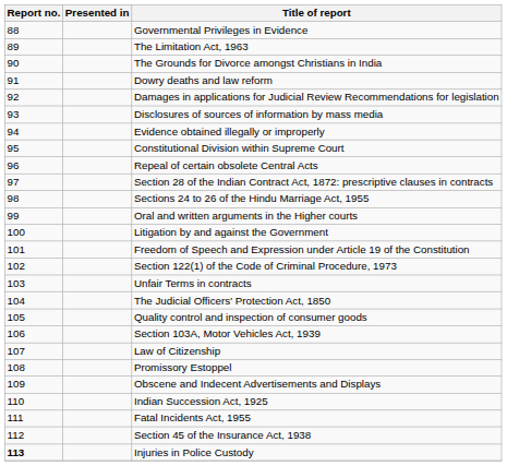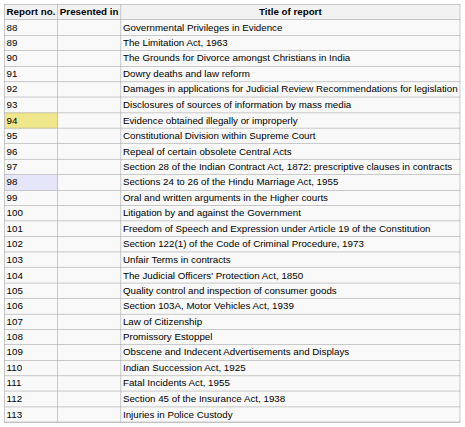 <table class="wikitable">
 <tr>
 <th>Report no.</th>
 <th>Presented in</th>
 <th>Title of report</th>
 </tr>
 <tr>
 <td>88</td>
 <td></td>
 <td>Governmental Privileges in Evidence</td>
 </tr>
 <tr>
 <td>89</td>
 <td></td>
 <td>The Limitation Act, 1963</td>
 </tr>
 <tr>
 <td>90</td>
 <td></td>
 <td>The Grounds for Divorce amongst Christians in India</td>
 </tr>
 <tr>
 <td>91</td>
 <td></td>
 <td>Dowry deaths and law reform</td>
 </tr>
 <tr>
 <td>92</td>
 <td></td>
 <td>Damages in applications for Judicial Review Recommendations for legislation</td>
 </tr>
 <tr>
 <td>93</td>
 <td></td>
 <td>Disclosures of sources of information by mass media</td>
 </tr>
 <tr>
-<td>94</td>
+<td style="background: khaki;">94</td>
 <td></td>
 <td>Evidence obtained illegally or improperly</td>
 </tr>
 <tr>
 <td>95</td>
 <td></td>
 <td>Constitutional Division within Supreme Court</td>
 </tr>
 <tr>
 <td>96</td>
 <td></td>
 <td>Repeal of certain obsolete Central Acts</td>
 </tr>
 <tr>
 <td>97</td>
 <td></td>
 <td>Section 28 of the Indian Contract Act, 1872: prescriptive clauses in contracts</td>
 </tr>
 <tr>
-<td>98</td>
+<td style="background: lavender;">98</td>
 <td></td>
 <td>Sections 24 to 26 of the Hindu Marriage Act, 1955</td>
 </tr>
 <tr>
 <td>99</td>
 <td></td>
 <td>Oral and written arguments in the Higher courts</td>
 </tr>
 <tr>
 <td>100</td>
 <td></td>
 <td>Litigation by and against the Government</td>
 </tr>
 <tr>
 <td>101</td>
 <td></td>
 <td>Freedom of Speech and Expression under Article 19 of the Constitution</td>
 </tr>
 <tr>
 <td>102</td>
 <td></td>
 <td>Section 122(1) of the Code of Criminal Procedure, 1973</td>
 </tr>
 <tr>
 <td>103</td>
 <td></td>
 <td>Unfair Terms in contracts</td>
 </tr>
 <tr>
 <td>104</td>
 <td></td>
 <td>The Judicial Officers' Protection Act, 1850</td>
 </tr>
 <tr>
 <td>105</td>
 <td></td>
 <td>Quality control and inspection of consumer goods</td>
 </tr>
 <tr>
 <td>106</td>
 <td></td>
 <td>Section 103A, Motor Vehicles Act, 1939</td>
 </tr>
 <tr>
 <td>107</td>
 <td></td>
 <td>Law of Citizenship</td>
 </tr>
 <tr>
 <td>108</td>
 <td></td>
 <td>Promissory Estoppel</td>
 </tr>
 <tr>
 <td>109</td>
 <td></td>
 <td>Obscene and Indecent Advertisements and Displays</td>
 </tr>
 <tr>
 <td>110</td>
 <td></td>
 <td>Indian Succession Act, 1925</td>
 </tr>
 <tr>
 <td>111</td>
 <td></td>
 <td>Fatal Incidents Act, 1955</td>
 </tr>
 <tr>
 <td>112</td>
 <td></td>
 <td>Section 45 of the Insurance Act, 1938</td>
 </tr>
 <tr>
-<td><strong>113</strong></td>
+<td>113</td>
 <td></td>
 <td>Injuries in Police Custody</td>
 </tr>
 <tr>
 </tr>
 </table>
